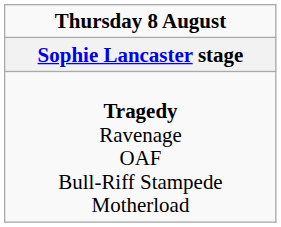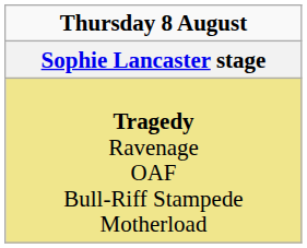 <table class="wikitable">
 <tr>
 <td colspan="1" align="center"><strong>Thursday 8 August</strong></td>
 </tr>
 <tr>
 <th><a href='#'>Sophie Lancaster</a> stage</th>
 </tr>
 <tr>
-<td valign="top" align="center" width=200><br><strong>Tragedy</strong><br> Ravenage<br> OAF<br> Bull-Riff Stampede<br> Motherload<br></td>
+<td valign="top" align="center" width=200 style="background: khaki;"><br><strong>Tragedy</strong><br> Ravenage<br> OAF<br> Bull-Riff Stampede<br> Motherload<br></td>
 </tr>
 </table>
